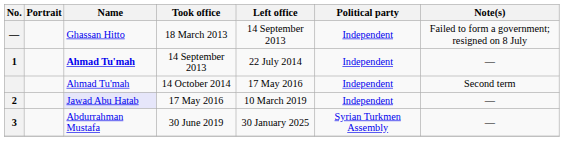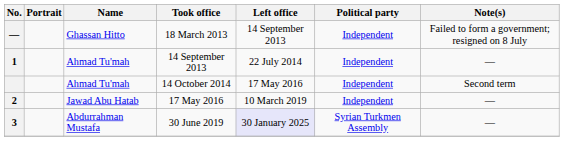 <table class="wikitable plainrowheaders">
 <tr>
 <th scope="col">No.</th>
 <th scope="col">Portrait</th>
 <th scope="col">Name<br></th>
 <th scope="col">Took office</th>
 <th scope="col">Left office</th>
 <th scope="col">Political party</th>
 <th width=25%>Note(s)</th>
 </tr>
 <tr>
 <th align=center>—</th>
 <td align=center></td>
 <td align="left"><a href='#'>Ghassan Hitto</a><br></td>
 <td align=center>18 March 2013</td>
 <td align=center>14 September 2013</td>
 <td align=center><a href='#'>Independent</a></td>
 <td align=center>Failed to form a government; resigned on 8 July</td>
 </tr>
 <tr>
 <th align=center>1</th>
 <td align=center></td>
-<td align="left"><strong><a href='#'>Ahmad Tu'mah</a><br></strong></td>
+<td align="left"><a href='#'>Ahmad Tu'mah</a><br></td>
 <td align=center>14 September 2013</td>
 <td align=center>22 July 2014</td>
 <td align=center><a href='#'>Independent</a></td>
 <td align=center>—</td>
 </tr>
 <tr>
 <th align=center></th>
 <td align=center></td>
 <td align="left"><a href='#'>Ahmad Tu'mah</a><br></td>
 <td align=center>14 October 2014</td>
 <td align=center>17 May 2016</td>
 <td align=center><a href='#'>Independent</a></td>
 <td align=center>Second term</td>
 </tr>
 <tr>
 <th align=center>2</th>
 <td align=center></td>
-<td align="left" style="background: lavender;"><a href='#'>Jawad Abu Hatab</a><br></td>
+<td align="left"><a href='#'>Jawad Abu Hatab</a><br></td>
 <td align=center>17 May 2016</td>
 <td align=center>10 March 2019</td>
 <td align=center><a href='#'>Independent</a></td>
 <td align=center>—</td>
 </tr>
 <tr>
 <th align=center>3</th>
 <td align=center></td>
 <td align="left"><a href='#'>Abdurrahman Mustafa</a><br></td>
 <td align=center>30 June 2019</td>
-<td align=center>30 January 2025</td>
+<td align=center style="background: lavender;">30 January 2025</td>
 <td align=center><a href='#'>Syrian Turkmen Assembly</a></td>
 <td align=center>—</td>
 </tr>
 <tr>
 </tr>
 </table>
